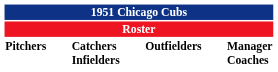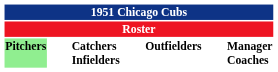 <table class="toccolours" style="font-size: 95%;">
 <tr>
 <th colspan="10" style="background-color: #0e3386; color: white; text-align: center;">1951 Chicago Cubs</th>
 </tr>
 <tr>
 <td colspan="10" style="background-color: #EE1422; color: white; text-align: center;"><strong>Roster</strong></td>
 </tr>
 <tr>
-<td valign="top"><strong>Pitchers</strong><br>             </td>
+<td valign="top" style="background: lightgreen;"><strong>Pitchers</strong><br>             </td>
 <td width="25px"></td>
 <td valign="top"><strong>Catchers</strong><br>     <strong>Infielders</strong>           </td>
 <td width="25px"></td>
 <td valign="top"><strong>Outfielders</strong><br>      </td>
 <td width="25px"></td>
 <td valign="top"><strong>Manager</strong><br>  <strong>Coaches</strong>   </td>
 </tr>
 <tr>
 </tr>
 </table>
